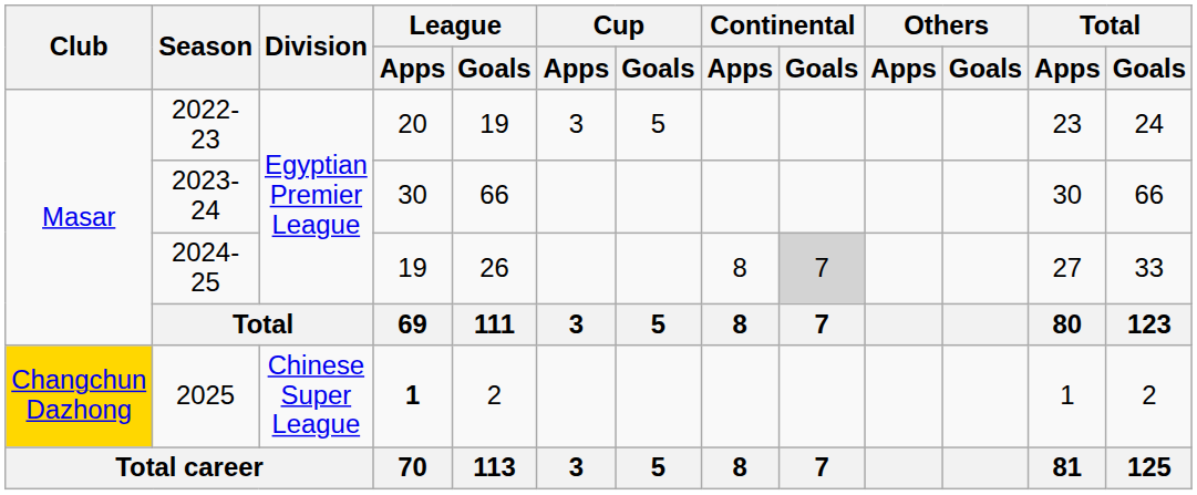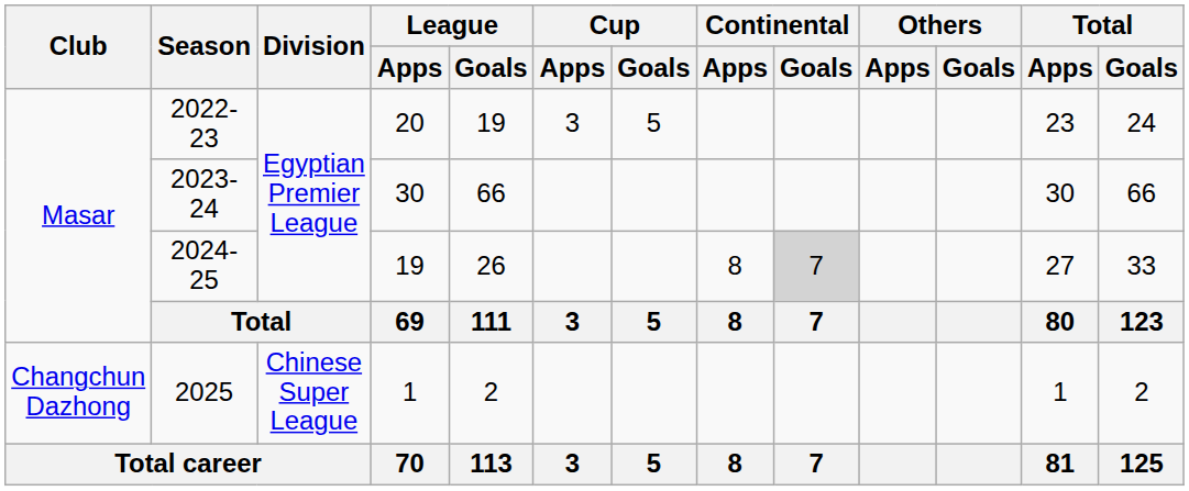 <table class="wikitable" style="text-align:center;">
 <tr>
 <th rowspan=2>Club</th>
 <th rowspan=2>Season</th>
 <th rowspan=2>Division</th>
 <th colspan=2>League</th>
 <th colspan=2>Cup</th>
 <th colspan=2>Continental</th>
 <th colspan=2>Others</th>
 <th colspan=2>Total</th>
 </tr>
 <tr>
 <th>Apps</th>
 <th>Goals</th>
 <th>Apps</th>
 <th>Goals</th>
 <th>Apps</th>
 <th>Goals</th>
 <th>Apps</th>
 <th>Goals</th>
 <th>Apps</th>
 <th>Goals</th>
 </tr>
 <tr>
 <td rowspan=4><a href='#'>Masar</a></td>
 <td>2022-23</td>
 <td rowspan=3><a href='#'>Egyptian Premier League</a></td>
 <td>20</td>
 <td>19</td>
 <td>3</td>
 <td>5</td>
 <td></td>
 <td></td>
 <td></td>
 <td></td>
 <td>23</td>
 <td>24</td>
 </tr>
 <tr>
 <td>2023-24</td>
 <td>30</td>
 <td>66</td>
 <td></td>
 <td></td>
 <td></td>
 <td></td>
 <td></td>
 <td></td>
 <td>30</td>
 <td>66</td>
 </tr>
 <tr>
 <td>2024-25</td>
 <td>19</td>
 <td>26</td>
 <td></td>
 <td></td>
 <td>8</td>
 <td style="background: lightgrey;">7</td>
 <td></td>
 <td></td>
 <td>27</td>
 <td>33</td>
 </tr>
 <tr>
 <th colspan=2>Total</th>
 <th>69</th>
 <th>111</th>
 <th>3</th>
 <th>5</th>
 <th>8</th>
 <th>7</th>
 <th></th>
 <th></th>
 <th>80</th>
 <th>123</th>
 </tr>
 <tr>
-<td style="background: gold;"><a href='#'>Changchun Dazhong</a></td>
+<td><a href='#'>Changchun Dazhong</a></td>
 <td>2025</td>
 <td><a href='#'>Chinese Super League</a></td>
-<td><strong>1</strong></td>
+<td>1</td>
 <td>2</td>
 <td></td>
 <td></td>
 <td></td>
 <td></td>
 <td></td>
 <td></td>
 <td>1</td>
 <td>2</td>
 </tr>
 <tr>
 <th colspan=3>Total career</th>
 <th>70</th>
 <th>113</th>
 <th>3</th>
 <th>5</th>
 <th>8</th>
 <th>7</th>
 <th></th>
 <th></th>
 <th>81</th>
 <th>125</th>
 </tr>
 </table>
